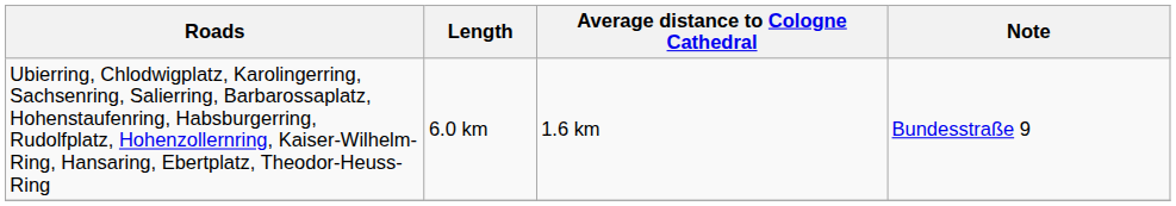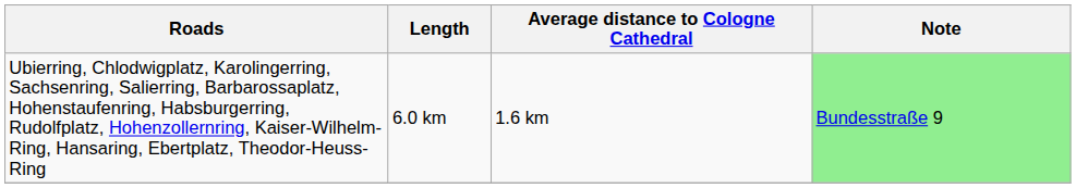 <table class="wikitable" width=950>
 <tr>
 <th width="300px">Roads</th>
 <th width="75px">Length</th>
 <th width="250px">Average distance to <a href='#'>Cologne Cathedral</a></th>
 <th width="200px">Note</th>
 </tr>
 <tr>
 <td>Ubierring, Chlodwigplatz, Karolingerring, Sachsenring, Salierring, Barbarossaplatz, Hohenstaufenring, Habsburgerring, Rudolfplatz, <a href='#'>Hohenzollernring</a>, Kaiser-Wilhelm-Ring, Hansaring, Ebertplatz, Theodor-Heuss-Ring</td>
 <td>6.0 km</td>
 <td>1.6 km</td>
-<td> <a href='#'>Bundesstraße</a> 9</td>
+<td style="background: lightgreen;"> <a href='#'>Bundesstraße</a> 9</td>
 </tr>
 <tr>
 </tr>
 </table>
